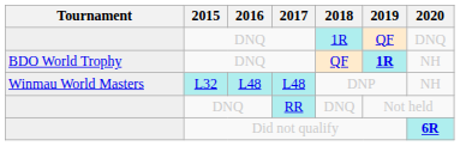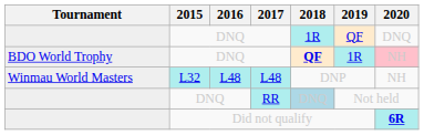 <table class="wikitable" style="width:40%; margin:0">
 <tr>
 <th>Tournament</th>
 <th>2015</th>
 <th>2016</th>
 <th>2017</th>
 <th>2018</th>
 <th>2019</th>
 <th>2020</th>
 </tr>
 <tr>
 <td style="background:#efefef;"></td>
 <td colspan="3" style="text-align:center; color:#ccc;">DNQ</td>
 <td style="text-align:center; background:#afeeee;"><a href='#'>1R</a></td>
 <td style="text-align:center; background:#ffebcd;"><a href='#'>QF</a></td>
 <td colspan="1" style="text-align:center; color:#ccc;">DNQ</td>
 </tr>
 <tr>
 <td style="background:#efefef;"><a href='#'>BDO World Trophy</a></td>
 <td colspan="3" style="text-align:center; color:#ccc;">DNQ</td>
-<td style="text-align:center; background:#ffebcd;"><a href='#'>QF</a></td>
-<td style="text-align:center; background:#afeeee;"><strong><a href='#'>1R</a></strong></td>
-<td colspan="1" style="text-align:center; color:#ccc;">NH</td>
+<td style="text-align:center; background:#ffebcd;"><strong><a href='#'>QF</a></strong></td>
+<td style="text-align:center; background:#afeeee;"><a href='#'>1R</a></td>
+<td colspan="1" style="background: pink; text-align:center; color:#ccc;">NH</td>
 </tr>
 <tr>
 <td style="background:#efefef;"><a href='#'>Winmau World Masters</a></td>
 <td style="text-align:center; background:#afeeee;"><a href='#'>L32</a></td>
 <td style="text-align:center; background:#afeeee;"><a href='#'>L48</a></td>
 <td style="text-align:center; background:#afeeee;"><a href='#'>L48</a></td>
 <td colspan="2" style="text-align:center; color:#ccc;">DNP</td>
 <td colspan="1" style="text-align:center; color:#ccc;">NH</td>
 </tr>
 <tr>
 <td style="background:#efefef;"></td>
 <td colspan="2" style="text-align:center; color:#ccc;">DNQ</td>
 <td style="text-align:center; background:#afeeee;"><a href='#'>RR</a></td>
-<td colspan="1" style="text-align:center; color:#ccc;">DNQ</td>
+<td colspan="1" style="background: lightblue; text-align:center; color:#ccc;">DNQ</td>
 <td colspan="2" style="text-align:center; color:#ccc;">Not held</td>
 </tr>
 <tr>
 <td style="background:#efefef;"></td>
 <td colspan="5" style="text-align:center; color:#ccc;">Did not qualify</td>
 <td style="text-align:center; background:#afeeee;"><strong><a href='#'>6R</a></strong></td>
 </tr>
 </table>
